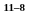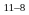 <table style="text-align:center">
 <tr>
 <th width=200></th>
 <th width=100></th>
 <th width=200></th>
 </tr>
 <tr>
 <td align=right><strong></strong></td>
-<td><strong>11–8</strong></td>
+<td>11–8</td>
 <td align=left></td>
 </tr>
 </table>
